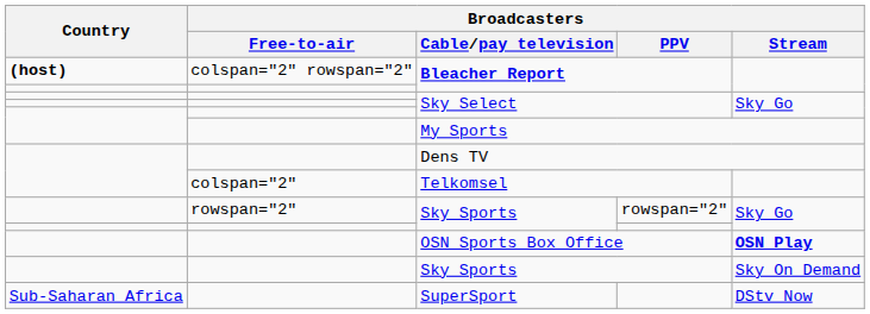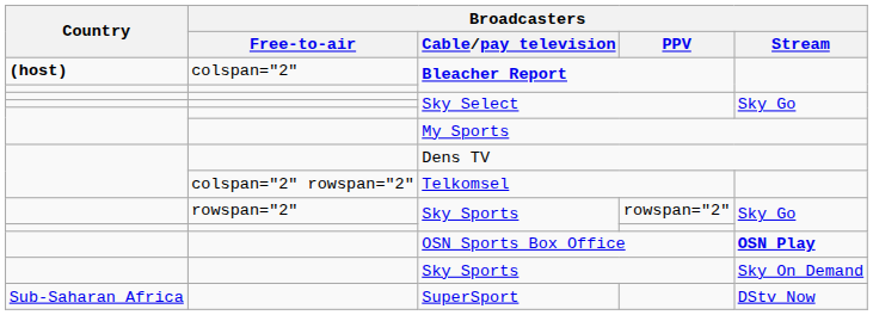 <table class="wikitable">
 <tr>
 <th rowspan="2">Country</th>
 <th colspan="4">Broadcasters</th>
 </tr>
 <tr>
 <th><a href='#'>Free-to-air</a></th>
 <th><a href='#'>Cable</a>/<a href='#'>pay television</a></th>
 <th><a href='#'>PPV</a></th>
 <th><a href='#'>Stream</a></th>
 </tr>
 <tr>
 <td><strong> (host)</strong></td>
-<td>colspan="2" rowspan="2" </td>
+<td>colspan="2" </td>
 <td colspan="2" rowspan="2"><strong><a href='#'>Bleacher Report</a></strong></td>
 </tr>
 <tr>
 <td></td>
 </tr>
 <tr>
 <td></td>
 <td></td>
 <td colspan="2" rowspan="3"><a href='#'>Sky Select</a></td>
 <td rowspan="3"><a href='#'>Sky Go</a></td>
 </tr>
 <tr>
 <td></td>
 <td></td>
 </tr>
 <tr>
 <td rowspan="2"></td>
 <td></td>
 </tr>
 <tr>
 <td></td>
 <td colspan="3"><a href='#'>My Sports</a></td>
 </tr>
 <tr>
 <td rowspan="2"></td>
 <td></td>
 <td colspan="3">Dens TV</td>
 </tr>
 <tr>
-<td>colspan="2" </td>
+<td>colspan="2" rowspan="2" </td>
 <td colspan="2"><a href='#'>Telkomsel</a></td>
 </tr>
 <tr>
 <td></td>
 <td>rowspan="2" </td>
 <td rowspan="2"><a href='#'>Sky Sports</a></td>
 <td>rowspan="2" </td>
 <td rowspan="2"><a href='#'>Sky Go</a></td>
 </tr>
 <tr>
 <td></td>
 </tr>
 <tr>
 <td></td>
 <td></td>
 <td colspan="2"><a href='#'>OSN Sports Box Office</a></td>
 <td><strong><a href='#'>OSN Play</a></strong></td>
 </tr>
 <tr>
 <td></td>
 <td></td>
 <td colspan="2"><a href='#'>Sky Sports</a></td>
 <td><a href='#'>Sky On Demand</a></td>
 </tr>
 <tr>
 <td><a href='#'>Sub-Saharan Africa</a></td>
 <td></td>
 <td><a href='#'>SuperSport</a></td>
 <td></td>
 <td><a href='#'>DStv Now</a></td>
 </tr>
 </table>
